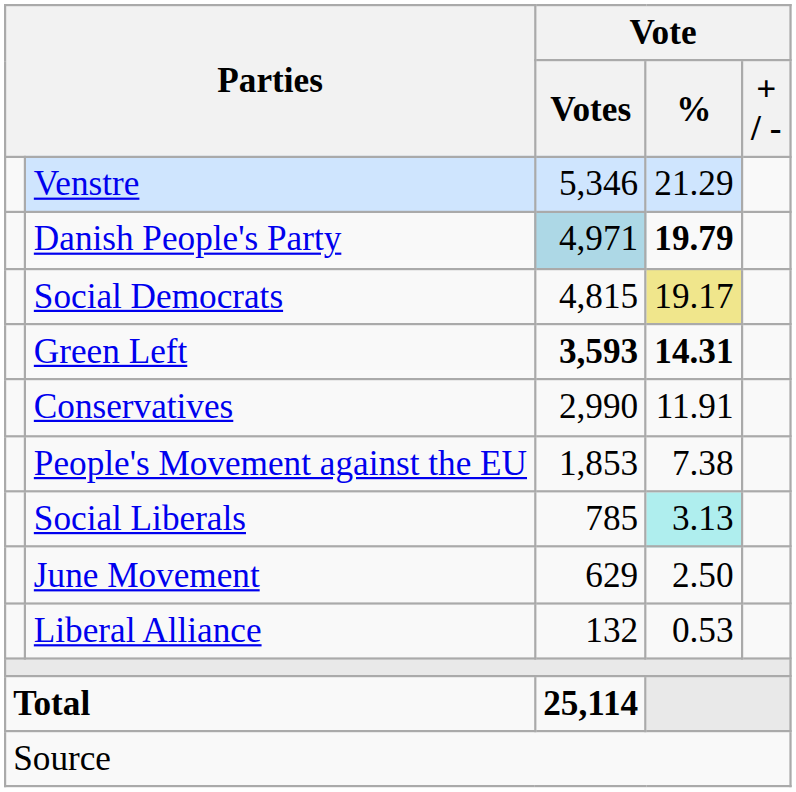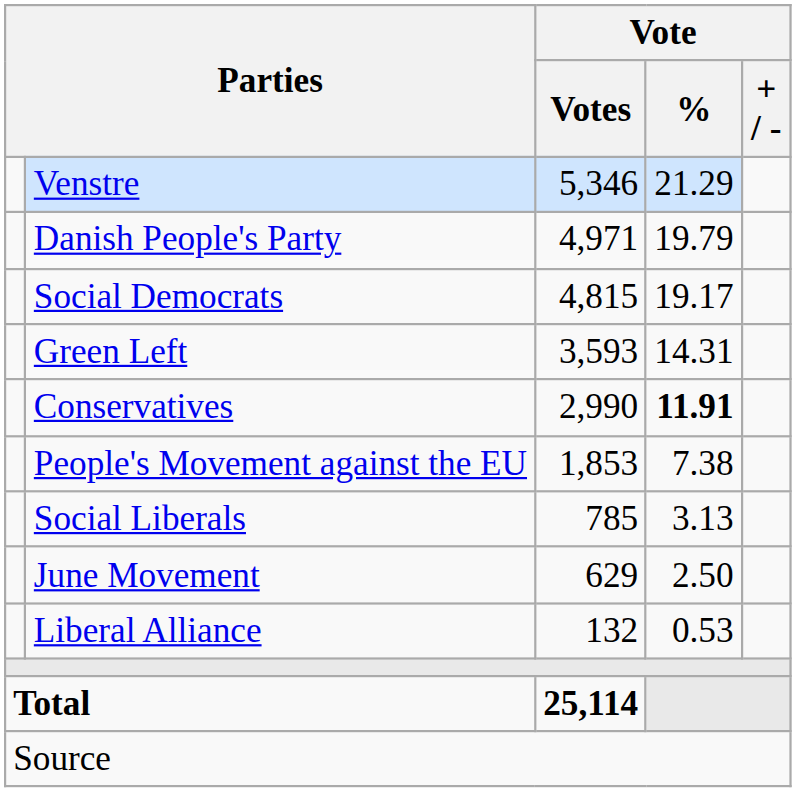 <table class="wikitable" style="text-align:right;">
 <tr>
 <th style="text-align:centre;" rowspan="2" colspan="2" width="225">Parties</th>
 <th colspan="3">Vote</th>
 </tr>
 <tr>
 <th width="15">Votes</th>
 <th width="15">%</th>
 <th width="15">+ / -</th>
 </tr>
 <tr>
 <td width="2" style="color:inherit;background:"></td>
 <td bgcolor=#cfe5fe   align="left"><a href='#'>Venstre</a></td>
 <td bgcolor=#cfe5fe>5,346</td>
 <td bgcolor=#cfe5fe>21.29</td>
 <td></td>
 </tr>
 <tr>
 <td width="2" style="color:inherit;background:"></td>
 <td align="left"><a href='#'>Danish People's Party</a></td>
-<td style="background: lightblue;">4,971</td>
-<td><strong>19.79</strong></td>
+<td>4,971</td>
+<td>19.79</td>
 <td></td>
 </tr>
 <tr>
 <td width="2" style="color:inherit;background:"></td>
 <td align="left"><a href='#'>Social Democrats</a></td>
 <td>4,815</td>
-<td style="background: khaki;">19.17</td>
+<td>19.17</td>
 <td></td>
 </tr>
 <tr>
 <td width="2" style="color:inherit;background:"></td>
 <td align="left"><a href='#'>Green Left</a></td>
-<td><strong>3,593</strong></td>
-<td><strong>14.31</strong></td>
+<td>3,593</td>
+<td>14.31</td>
 <td></td>
 </tr>
 <tr>
 <td width="2" style="color:inherit;background:"></td>
 <td align="left"><a href='#'>Conservatives</a></td>
 <td>2,990</td>
-<td>11.91</td>
+<td><strong>11.91</strong></td>
 <td></td>
 </tr>
 <tr>
 <td width="2" style="color:inherit;background:"></td>
 <td align="left"><a href='#'>People's Movement against the EU</a></td>
 <td>1,853</td>
 <td>7.38</td>
 <td></td>
 </tr>
 <tr>
 <td width="2" style="color:inherit;background:"></td>
 <td align="left"><a href='#'>Social Liberals</a></td>
 <td>785</td>
-<td style="background: paleturquoise;">3.13</td>
+<td>3.13</td>
 <td></td>
 </tr>
 <tr>
 <td width="2" style="color:inherit;background:"></td>
 <td align="left"><a href='#'>June Movement</a></td>
 <td>629</td>
 <td>2.50</td>
 <td></td>
 </tr>
 <tr>
 <td width="2" style="color:inherit;background:"></td>
 <td align="left"><a href='#'>Liberal Alliance</a></td>
 <td>132</td>
 <td>0.53</td>
 <td></td>
 </tr>
 <tr>
 <td colspan="7" bgcolor="#E9E9E9"></td>
 </tr>
 <tr>
 <td align="left" colspan="2"><strong>Total</strong></td>
 <td><strong>25,114</strong></td>
 <td bgcolor="#E9E9E9" colspan="2"></td>
 </tr>
 <tr>
 <td align="left" colspan="6">Source</td>
 </tr>
 </table>
